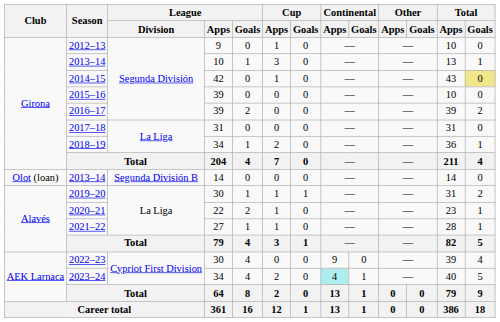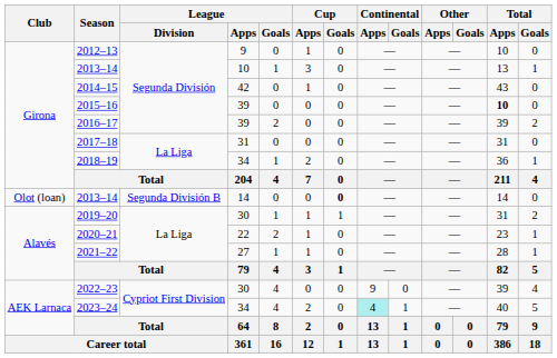 <table class="wikitable" style="font-size:100%; text-align: center">
 <tr>
 <th rowspan="2">Club</th>
 <th rowspan="2">Season</th>
 <th colspan="3">League</th>
 <th colspan="2">Cup</th>
 <th colspan="2">Continental</th>
 <th colspan="2">Other</th>
 <th colspan="2">Total</th>
 </tr>
 <tr>
 <th>Division</th>
 <th>Apps</th>
 <th>Goals</th>
 <th>Apps</th>
 <th>Goals</th>
 <th>Apps</th>
 <th>Goals</th>
 <th>Apps</th>
 <th>Goals</th>
 <th>Apps</th>
 <th>Goals</th>
 </tr>
 <tr>
 <td rowspan="8"><a href='#'>Girona</a></td>
 <td><a href='#'>2012–13</a></td>
 <td rowspan="5"><a href='#'>Segunda División</a></td>
 <td>9</td>
 <td>0</td>
 <td>1</td>
 <td>0</td>
 <td colspan="2">—</td>
 <td colspan="2">—</td>
 <td>10</td>
 <td>0</td>
 </tr>
 <tr>
 <td><a href='#'>2013–14</a></td>
 <td>10</td>
 <td>1</td>
 <td>3</td>
 <td>0</td>
 <td colspan="2">—</td>
 <td colspan="2">—</td>
 <td>13</td>
 <td>1</td>
 </tr>
 <tr>
 <td><a href='#'>2014–15</a></td>
 <td>42</td>
 <td>0</td>
 <td>1</td>
 <td>0</td>
 <td colspan="2">—</td>
 <td colspan="2">—</td>
 <td>43</td>
-<td style="background: khaki;">0</td>
+<td>0</td>
 </tr>
 <tr>
 <td><a href='#'>2015–16</a></td>
 <td>39</td>
 <td>0</td>
 <td>0</td>
 <td>0</td>
 <td colspan="2">—</td>
 <td colspan="2">—</td>
-<td>10</td>
+<td><strong>10</strong></td>
 <td>0</td>
 </tr>
 <tr>
 <td><a href='#'>2016–17</a></td>
 <td>39</td>
 <td>2</td>
 <td>0</td>
 <td>0</td>
 <td colspan="2">—</td>
 <td colspan="2">—</td>
 <td>39</td>
 <td>2</td>
 </tr>
 <tr>
 <td><a href='#'>2017–18</a></td>
 <td rowspan="2"><a href='#'>La Liga</a></td>
 <td>31</td>
 <td>0</td>
 <td>0</td>
 <td>0</td>
 <td colspan="2">—</td>
 <td colspan="2">—</td>
 <td>31</td>
 <td>0</td>
 </tr>
 <tr>
 <td><a href='#'>2018–19</a></td>
 <td>34</td>
 <td>1</td>
 <td>2</td>
 <td>0</td>
 <td colspan="2">—</td>
 <td colspan="2">—</td>
 <td>36</td>
 <td>1</td>
 </tr>
 <tr>
 <th colspan="2">Total</th>
 <th>204</th>
 <th>4</th>
 <th>7</th>
 <th>0</th>
 <th colspan="2">—</th>
 <th colspan="2">—</th>
 <th>211</th>
 <th>4</th>
 </tr>
 <tr>
 <td><a href='#'>Olot</a> (loan)</td>
 <td><a href='#'>2013–14</a></td>
 <td><a href='#'>Segunda División B</a></td>
 <td>14</td>
 <td>0</td>
 <td>0</td>
-<td>0</td>
+<td><strong>0</strong></td>
 <td colspan="2">—</td>
 <td colspan="2">—</td>
 <td>14</td>
 <td>0</td>
 </tr>
 <tr>
 <td rowspan="4"><a href='#'>Alavés</a></td>
 <td><a href='#'>2019–20</a></td>
 <td rowspan="3">La Liga</td>
 <td>30</td>
 <td>1</td>
 <td>1</td>
 <td>1</td>
 <td colspan="2">—</td>
 <td colspan="2">—</td>
 <td>31</td>
 <td>2</td>
 </tr>
 <tr>
 <td><a href='#'>2020–21</a></td>
 <td>22</td>
 <td>2</td>
 <td>1</td>
 <td>0</td>
 <td colspan="2">—</td>
 <td colspan="2">—</td>
 <td>23</td>
 <td>1</td>
 </tr>
 <tr>
 <td><a href='#'>2021–22</a></td>
 <td>27</td>
 <td>1</td>
 <td>1</td>
 <td>0</td>
 <td colspan="2">—</td>
 <td colspan="2">—</td>
 <td>28</td>
 <td>1</td>
 </tr>
 <tr>
 <th colspan="2">Total</th>
 <th>79</th>
 <th>4</th>
 <th>3</th>
 <th>1</th>
 <th colspan="2">—</th>
 <th colspan="2">—</th>
 <th>82</th>
 <th>5</th>
 </tr>
 <tr>
 <td rowspan="3"><a href='#'>AEK Larnaca</a></td>
 <td><a href='#'>2022–23</a></td>
 <td rowspan="2"><a href='#'>Cypriot First Division</a></td>
 <td>30</td>
 <td>4</td>
 <td>0</td>
 <td>0</td>
 <td>9</td>
 <td>0</td>
 <td colspan="2">—</td>
 <td>39</td>
 <td>4</td>
 </tr>
 <tr>
 <td><a href='#'>2023–24</a></td>
 <td>34</td>
 <td>4</td>
 <td>2</td>
 <td>0</td>
 <td style="background: paleturquoise;">4</td>
 <td>1</td>
 <td colspan="2">—</td>
 <td>40</td>
 <td>5</td>
 </tr>
 <tr>
 <th colspan="2">Total</th>
 <th>64</th>
 <th>8</th>
 <th>2</th>
 <th>0</th>
 <th>13</th>
 <th>1</th>
 <th>0</th>
 <th>0</th>
 <th>79</th>
 <th>9</th>
 </tr>
 <tr>
 <th colspan="3">Career total</th>
 <th>361</th>
 <th>16</th>
 <th>12</th>
 <th>1</th>
 <th>13</th>
 <th>1</th>
 <th>0</th>
 <th>0</th>
 <th>386</th>
 <th>18</th>
 </tr>
 </table>
